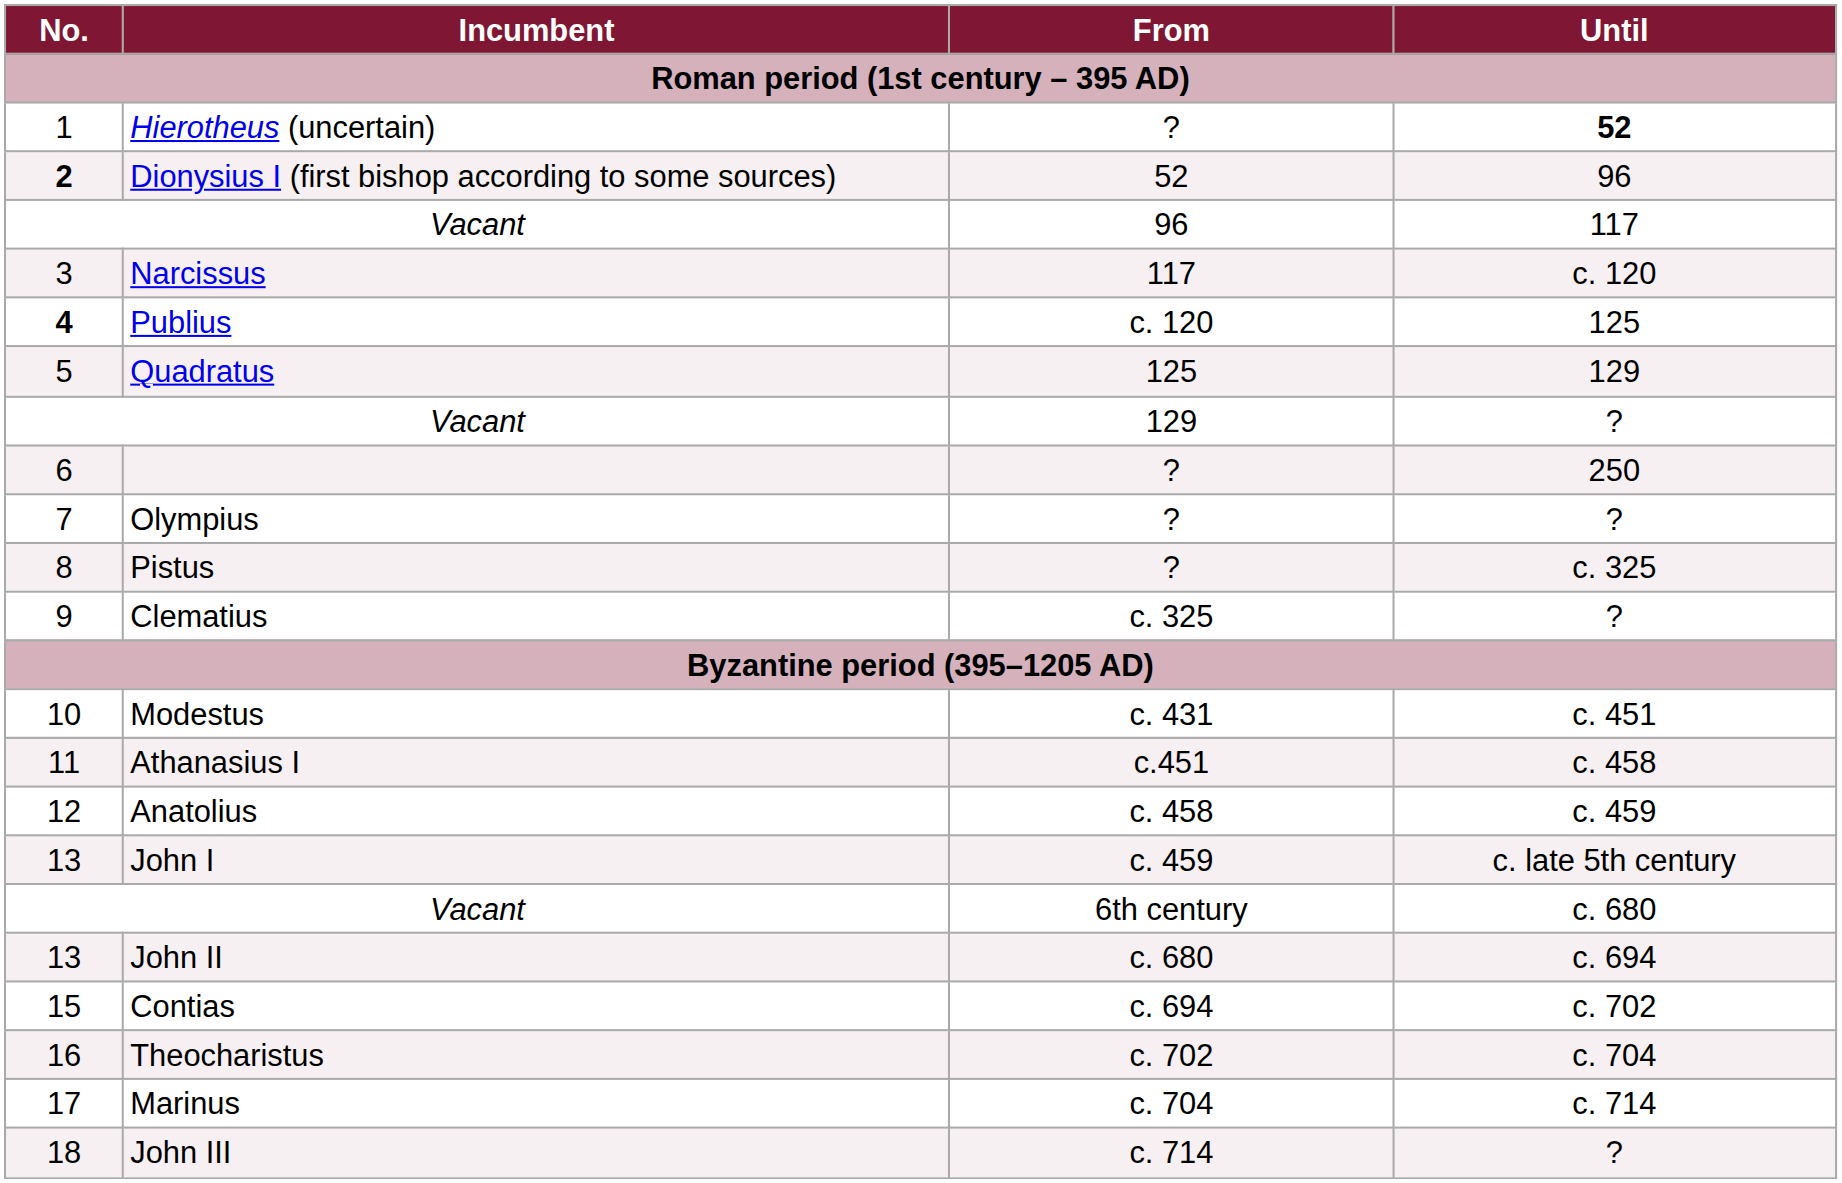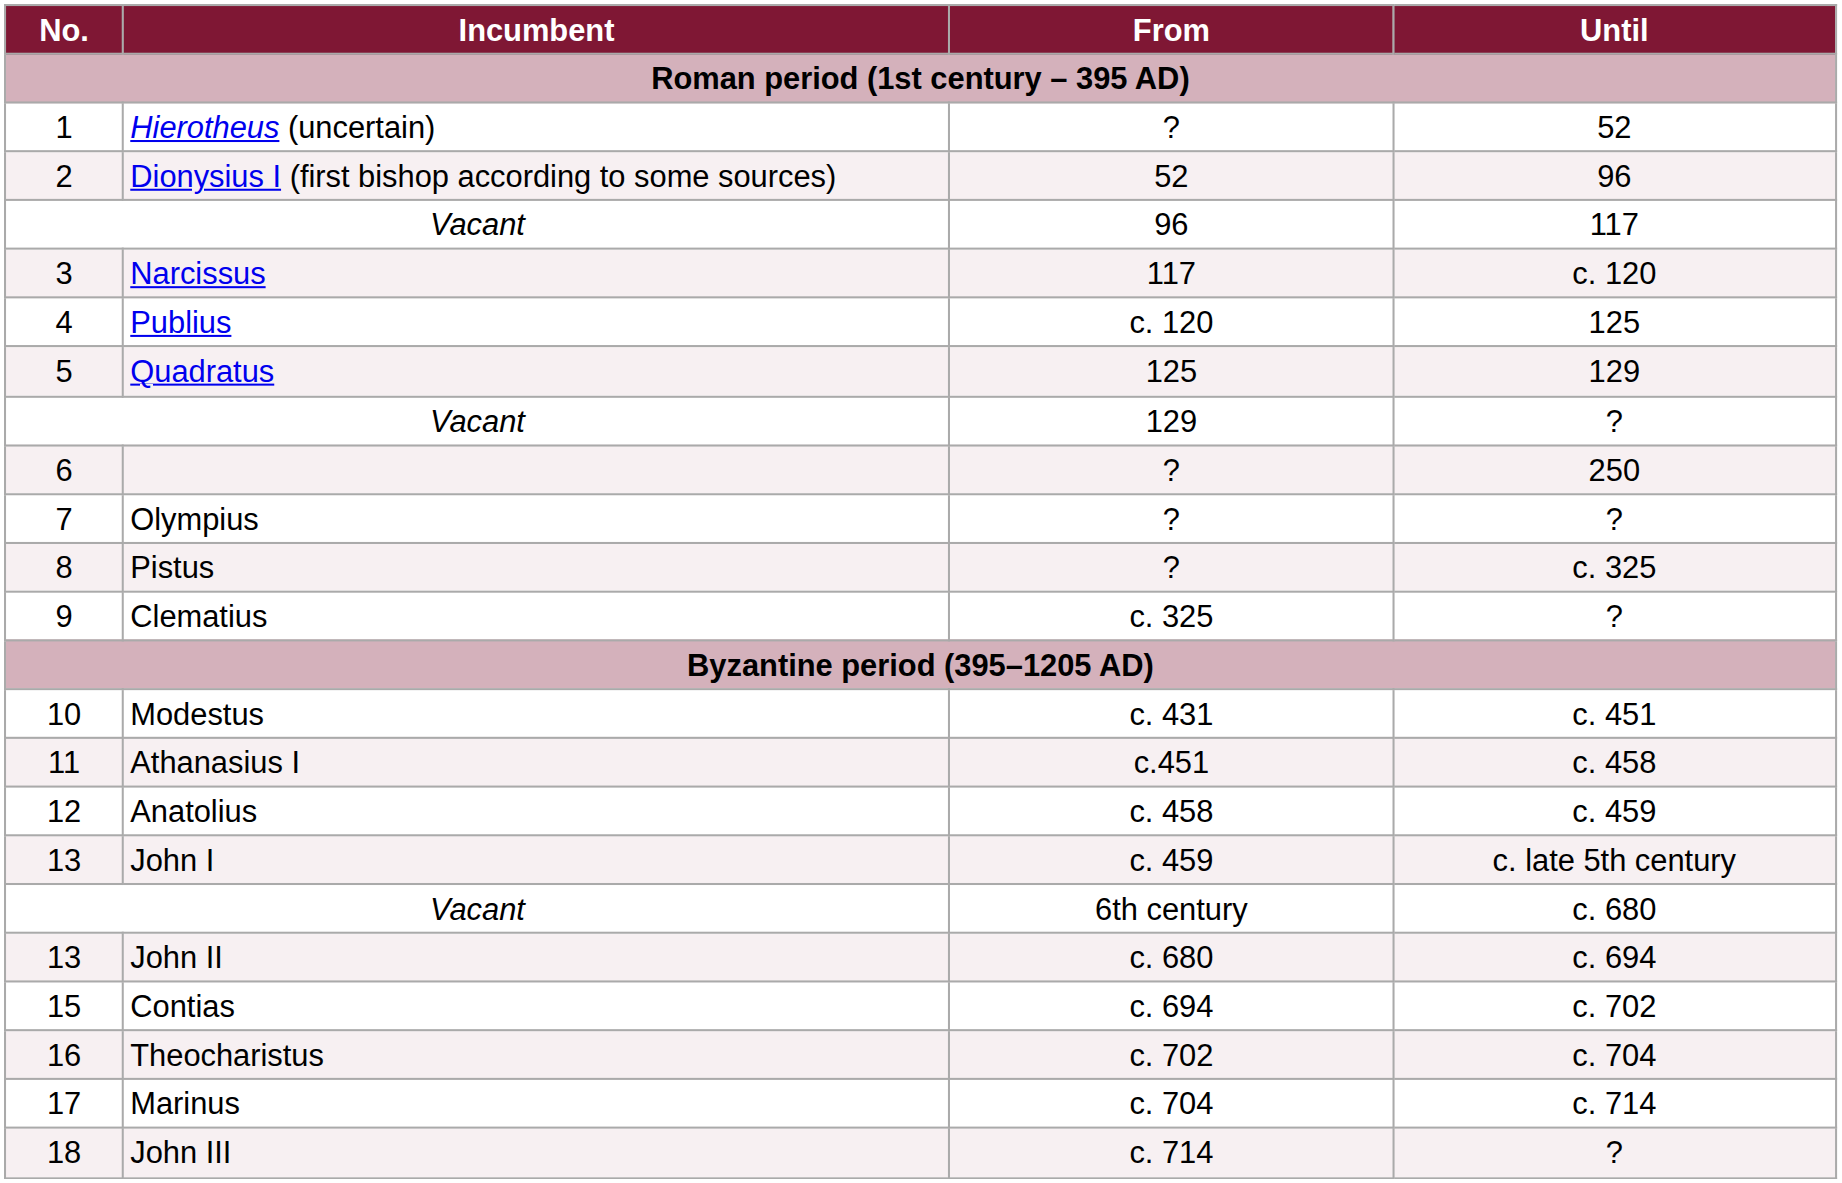 <table class="wikitable" style="font-size:95%; width:57%;">
 <tr>
 <th style="background-color: #7F1734;  color: white;" width="4%">No.</th>
 <th style="background-color: #7F1734;  color: white;" width="28%">Incumbent</th>
 <th style="background-color: #7F1734;  color: white;" width="15%">From</th>
 <th style="background-color: #7F1734;  color: white;" width="15%">Until</th>
 </tr>
 <tr align=center>
 <th style="background-color: #D4B1BB;" colspan="4">Roman period (1st century – 395 AD)</th>
 </tr>
 <tr valign=top bgcolor="white">
 <td align=center>1</td>
 <td><em><a href='#'>Hierotheus</a></em> (uncertain)</td>
 <td align=center>?</td>
-<td align=center><strong>52</strong></td>
+<td align=center>52</td>
 </tr>
 <tr valign=top bgcolor="#F7F0F2">
-<td align=center><strong>2</strong></td>
+<td align=center>2</td>
 <td><a href='#'>Dionysius I</a> (first bishop according to some sources)</td>
 <td align=center>52</td>
 <td align=center>96</td>
 </tr>
 <tr valign=top bgcolor="white">
 <td colspan="2" align="center"><em>Vacant</em></td>
 <td align="center">96</td>
 <td align="center">117</td>
 </tr>
 <tr valign=top bgcolor="#F7F0F2">
 <td align=center>3</td>
 <td><a href='#'>Narcissus</a></td>
 <td align=center>117</td>
 <td align=center>c. 120</td>
 </tr>
 <tr valign=top bgcolor="white">
-<td align=center><strong>4</strong></td>
+<td align=center>4</td>
 <td><a href='#'>Publius</a></td>
 <td align=center>c. 120</td>
 <td align=center>125</td>
 </tr>
 <tr valign=top bgcolor="#F7F0F2">
 <td align=center>5</td>
 <td><a href='#'>Quadratus</a></td>
 <td align=center>125</td>
 <td align=center>129</td>
 </tr>
 <tr valign=top bgcolor="white">
 <td colspan="2" align="center"><em>Vacant</em></td>
 <td align="center">129</td>
 <td align="center">?</td>
 </tr>
 <tr valign=top bgcolor="#F7F0F2">
 <td align=center>6</td>
 <td></td>
 <td align=center>?</td>
 <td align=center>250</td>
 </tr>
 <tr valign=top bgcolor="white">
 <td align=center>7</td>
 <td>Olympius</td>
 <td align=center>?</td>
 <td align=center>?</td>
 </tr>
 <tr valign=top bgcolor="#F7F0F2">
 <td align=center>8</td>
 <td>Pistus</td>
 <td align=center>?</td>
 <td align=center>c. 325</td>
 </tr>
 <tr valign=top bgcolor="white">
 <td align=center>9</td>
 <td>Clematius</td>
 <td align=center>c. 325</td>
 <td align=center>?</td>
 </tr>
 <tr align=center>
 <th style="background-color: #D4B1BB;" colspan="4">Byzantine period (395–1205 AD)</th>
 </tr>
 <tr valign=top bgcolor="white">
 <td align=center>10</td>
 <td>Modestus</td>
 <td align=center>c. 431</td>
 <td align=center>c. 451</td>
 </tr>
 <tr valign=top bgcolor="#F7F0F2">
 <td align=center>11</td>
 <td>Athanasius I</td>
 <td align=center>c.451</td>
 <td align=center>c. 458</td>
 </tr>
 <tr valign=top bgcolor="white">
 <td align=center>12</td>
 <td>Anatolius</td>
 <td align=center>c. 458</td>
 <td align=center>c. 459</td>
 </tr>
 <tr valign=top bgcolor="#F7F0F2">
 <td align=center>13</td>
 <td>John I</td>
 <td align=center>c. 459</td>
 <td align=center>c. late 5th century</td>
 </tr>
 <tr valign=top bgcolor="white">
 <td colspan="2" align="center"><em>Vacant</em></td>
 <td align="center">6th century</td>
 <td align="center">c. 680</td>
 </tr>
 <tr valign=top bgcolor="#F7F0F2">
 <td align=center>13</td>
 <td>John II</td>
 <td align=center>c. 680</td>
 <td align=center>c. 694</td>
 </tr>
 <tr valign=top bgcolor="white">
 <td align=center>15</td>
 <td>Contias</td>
 <td align=center>c. 694</td>
 <td align=center>c. 702</td>
 </tr>
 <tr valign=top bgcolor="#F7F0F2">
 <td align=center>16</td>
 <td>Theocharistus</td>
 <td align=center>c. 702</td>
 <td align=center>c. 704</td>
 </tr>
 <tr valign=top bgcolor="white">
 <td align=center>17</td>
 <td>Marinus</td>
 <td align=center>c. 704</td>
 <td align=center>c. 714</td>
 </tr>
 <tr valign=top bgcolor="#F7F0F2">
 <td align=center>18</td>
 <td>John III</td>
 <td align=center>c. 714</td>
 <td align=center>?</td>
 </tr>
 </table>
